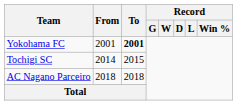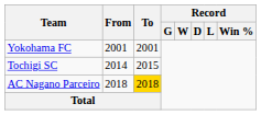 <table class="wikitable" style="text-align: center">
 <tr>
 <th rowspan="2">Team</th>
 <th rowspan="2">From</th>
 <th rowspan="2">To</th>
 <th colspan="5">Record</th>
 </tr>
 <tr>
 <th>G</th>
 <th>W</th>
 <th>D</th>
 <th>L</th>
 <th>Win %</th>
 </tr>
 <tr>
 <td align="left"><a href='#'>Yokohama FC</a></td>
 <td align="left">2001</td>
-<td align="left"><strong>2001<br></strong></td>
+<td align="left">2001<br></td>
 </tr>
 <tr>
 <td align="left"><a href='#'>Tochigi SC</a></td>
 <td align="left">2014</td>
 <td align="left">2015<br></td>
 </tr>
 <tr>
 <td align="left"><a href='#'>AC Nagano Parceiro</a></td>
 <td align="left">2018</td>
-<td align="left">2018<br></td>
+<td align="left" style="background: gold;">2018<br></td>
 </tr>
 <tr>
 <th colspan="3">Total<br></th>
 </tr>
 </table>
